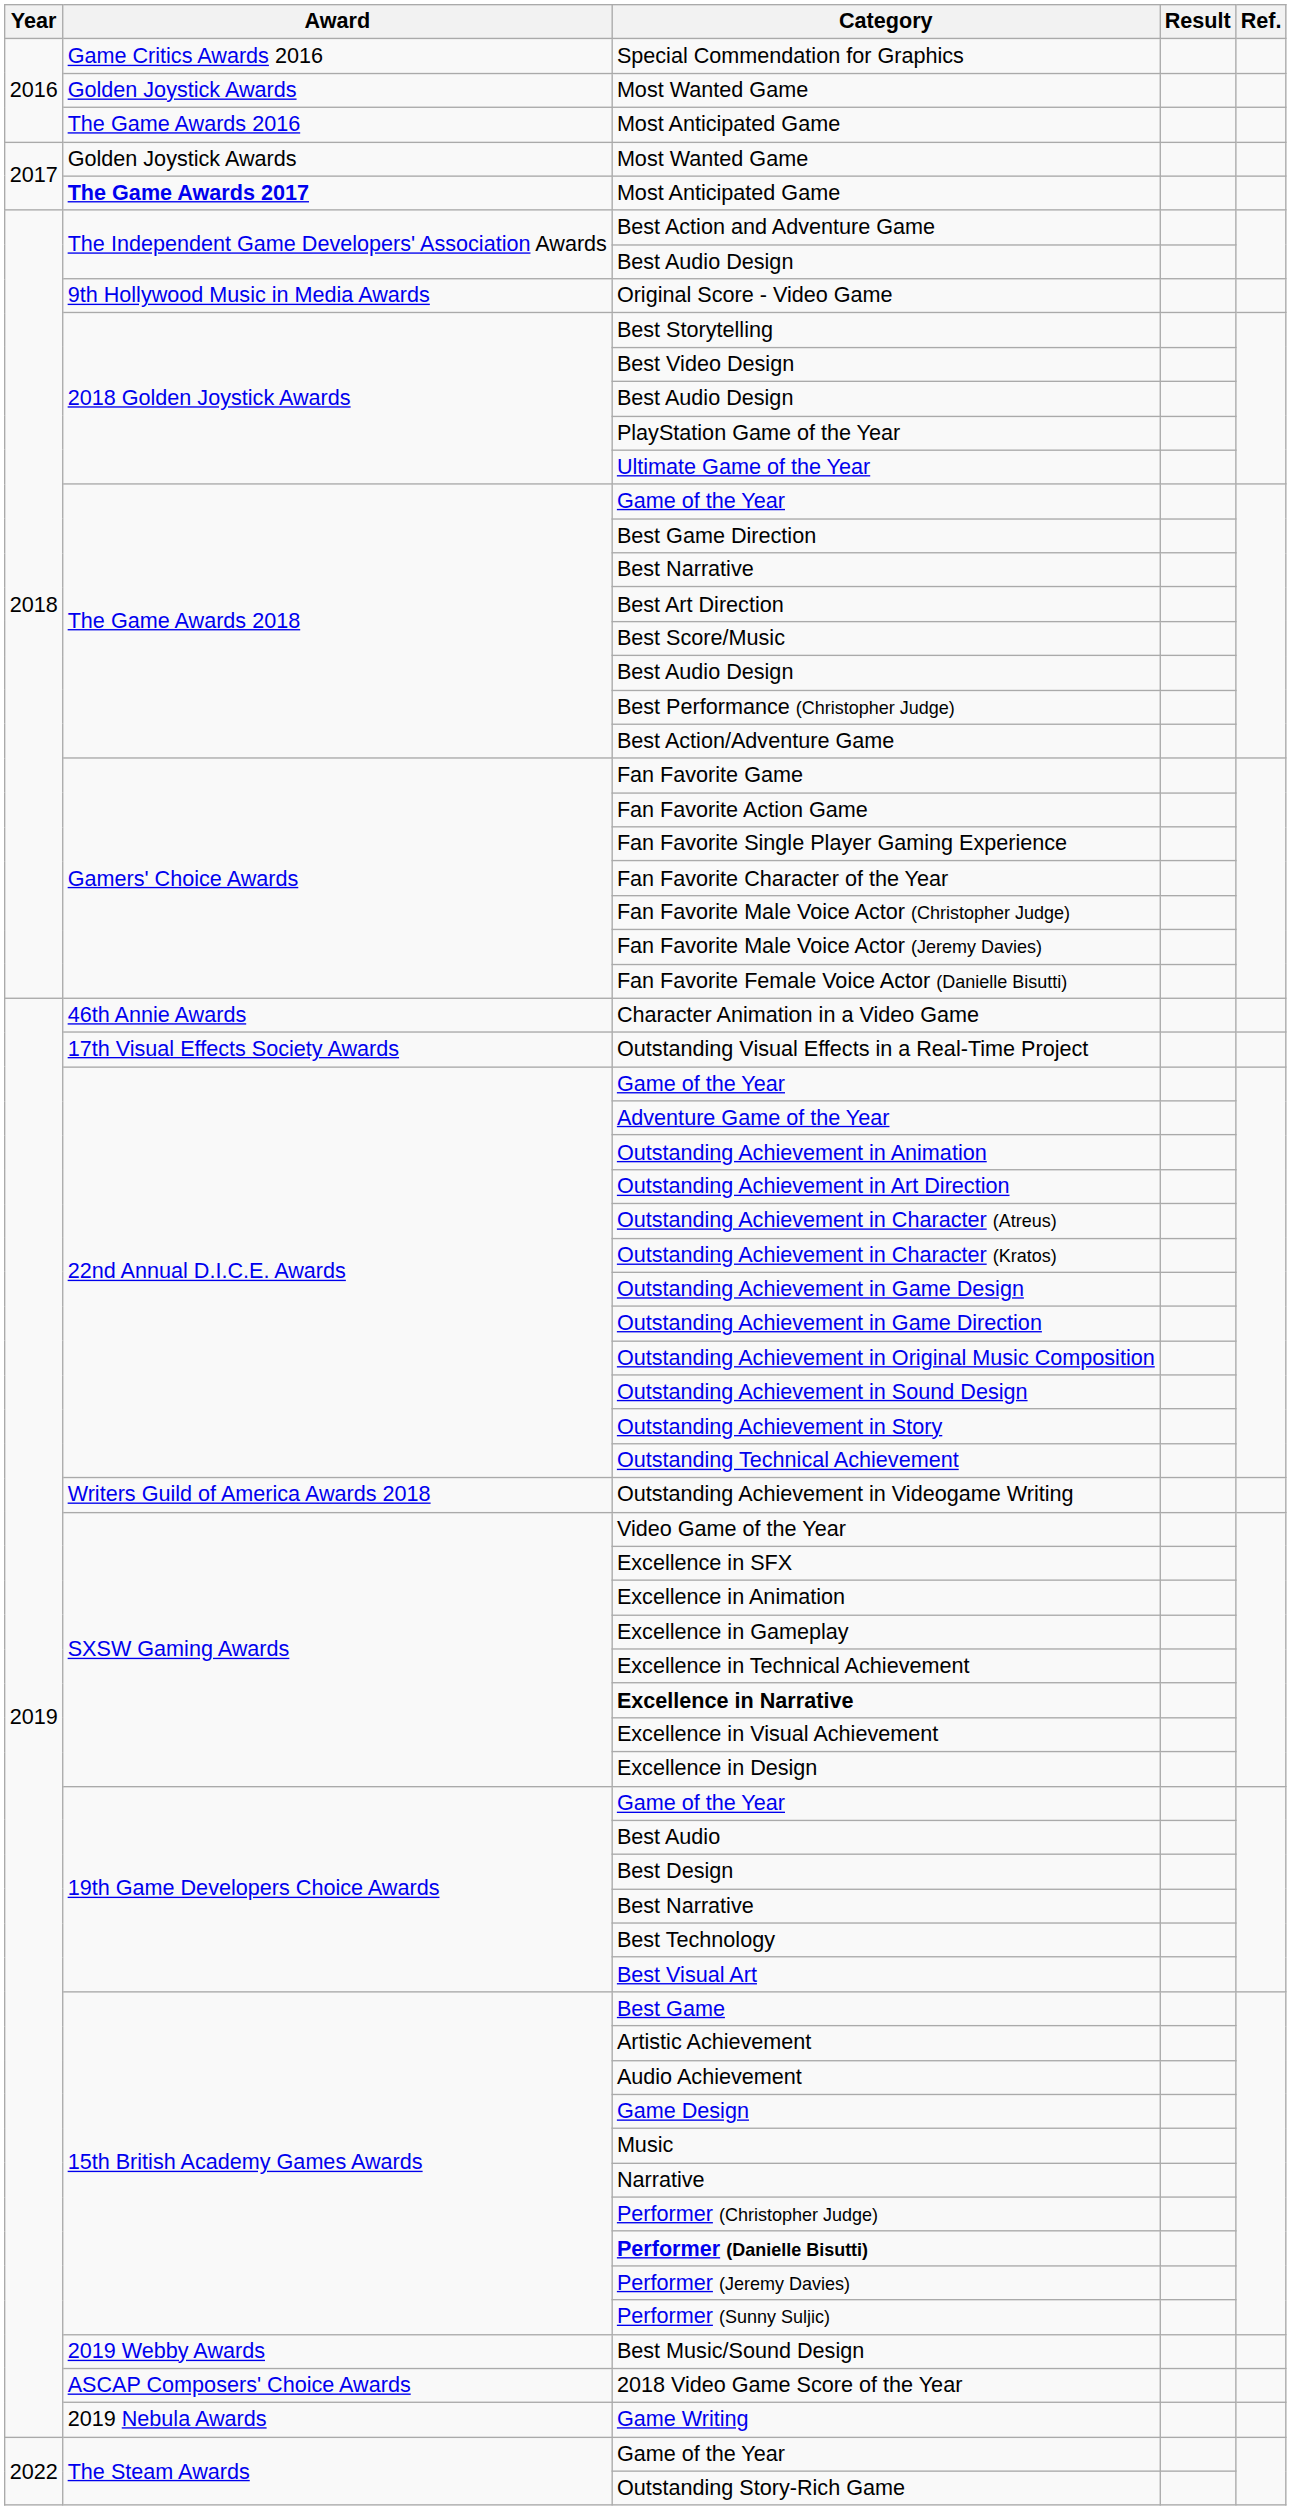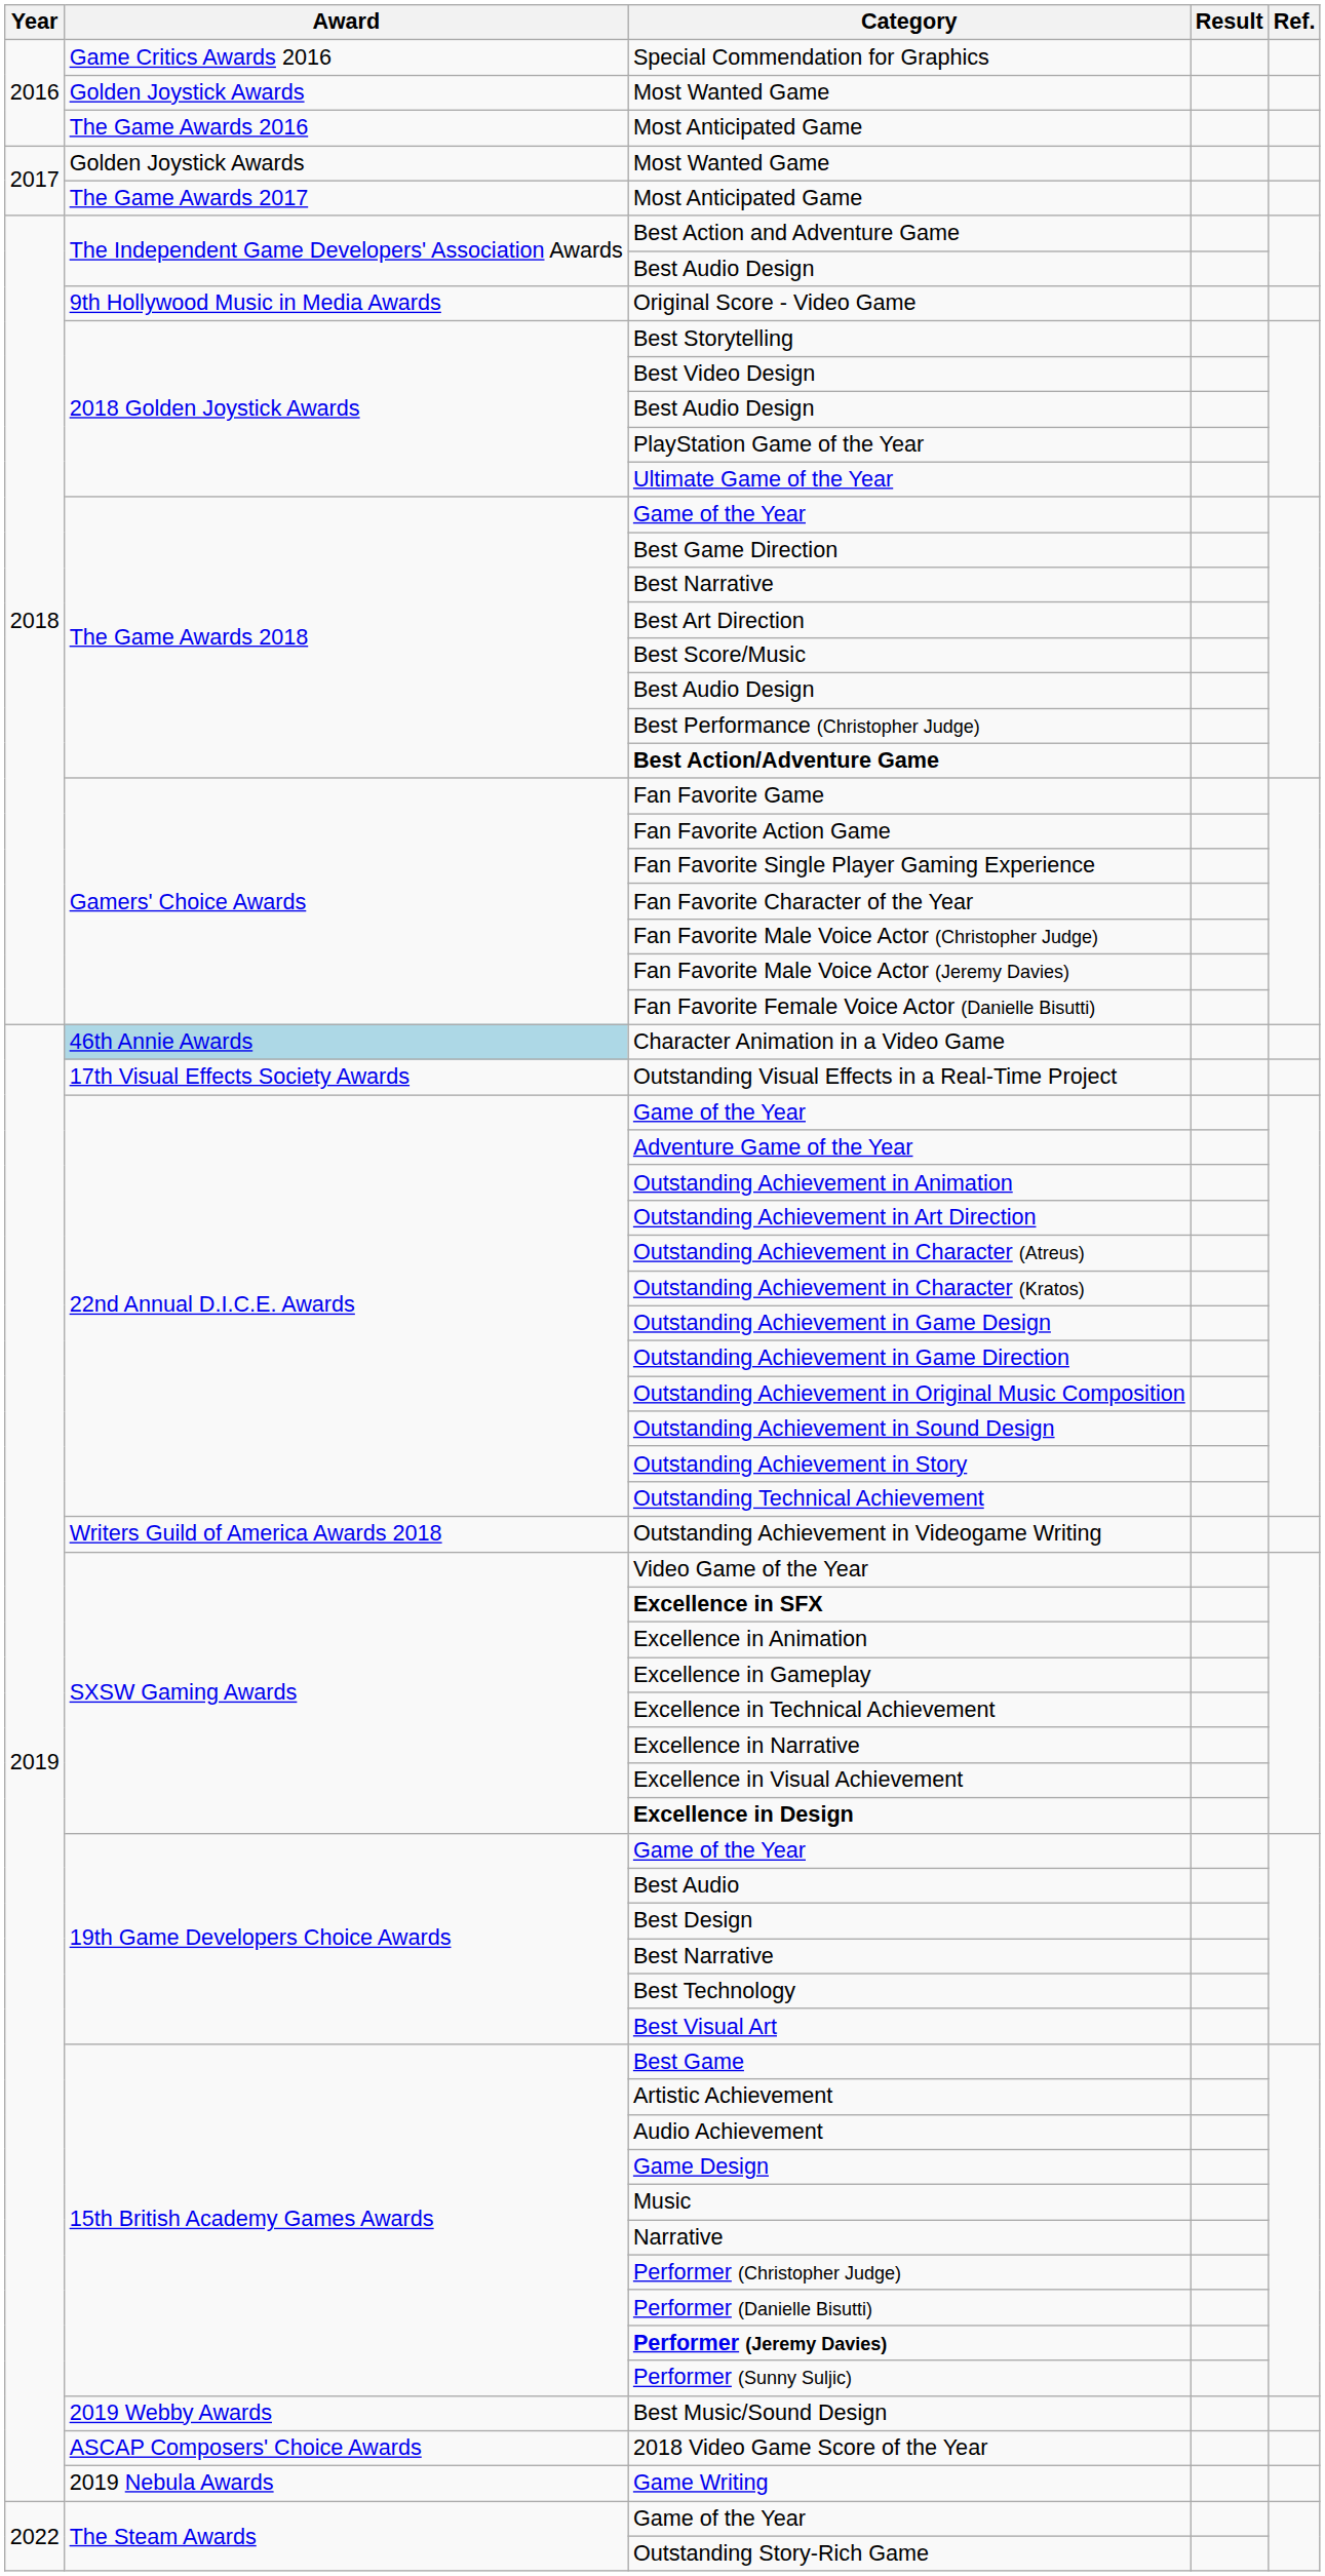 <table class="wikitable sortable mw-collapsible">
 <tr>
 <th scope="col">Year</th>
 <th scope="col">Award</th>
 <th scope="col">Category</th>
 <th scope="col">Result</th>
 <th scope="col" class="unsortable">Ref.</th>
 </tr>
 <tr>
 <td rowspan="3" style="text-align:center;">2016</td>
 <td><a href='#'>Game Critics Awards</a> 2016</td>
 <td>Special Commendation for Graphics</td>
 <td></td>
 <td style="text-align:center;"></td>
 </tr>
 <tr>
 <td><a href='#'>Golden Joystick Awards</a></td>
 <td>Most Wanted Game</td>
 <td></td>
 <td style="text-align:center;"></td>
 </tr>
 <tr>
 <td><a href='#'>The Game Awards 2016</a></td>
 <td>Most Anticipated Game</td>
 <td></td>
 <td style="text-align:center;"></td>
 </tr>
 <tr>
 <td rowspan="2" style="text-align:center;">2017</td>
 <td>Golden Joystick Awards</td>
 <td>Most Wanted Game</td>
 <td></td>
 <td style="text-align:center;"></td>
 </tr>
 <tr>
-<td><strong><a href='#'>The Game Awards 2017</a></strong></td>
+<td><a href='#'>The Game Awards 2017</a></td>
 <td>Most Anticipated Game</td>
 <td></td>
 <td style="text-align:center;"></td>
 </tr>
 <tr>
 <td rowspan="23" style="text-align:center;">2018</td>
 <td rowspan="2"><a href='#'>The Independent Game Developers' Association</a> Awards</td>
 <td>Best Action and Adventure Game</td>
 <td></td>
 <td rowspan="2" style="text-align:center;"></td>
 </tr>
 <tr>
 <td>Best Audio Design</td>
 <td></td>
 </tr>
 <tr>
 <td><a href='#'>9th Hollywood Music in Media Awards</a></td>
 <td>Original Score - Video Game</td>
 <td></td>
 <td style="text-align:center;"></td>
 </tr>
 <tr>
 <td rowspan="5"><a href='#'>2018 Golden Joystick Awards</a></td>
 <td>Best Storytelling</td>
 <td></td>
 <td rowspan="5" style="text-align:center;"></td>
 </tr>
 <tr>
 <td>Best Video Design</td>
 <td></td>
 </tr>
 <tr>
 <td>Best Audio Design</td>
 <td></td>
 </tr>
 <tr>
 <td>PlayStation Game of the Year</td>
 <td></td>
 </tr>
 <tr>
 <td><a href='#'>Ultimate Game of the Year</a></td>
 <td></td>
 </tr>
 <tr>
 <td rowspan="8"><a href='#'>The Game Awards 2018</a></td>
 <td><a href='#'>Game of the Year</a></td>
 <td></td>
 <td rowspan="8" style="text-align:center;"></td>
 </tr>
 <tr>
 <td>Best Game Direction</td>
 <td></td>
 </tr>
 <tr>
 <td>Best Narrative</td>
 <td></td>
 </tr>
 <tr>
 <td>Best Art Direction</td>
 <td></td>
 </tr>
 <tr>
 <td>Best Score/Music</td>
 <td></td>
 </tr>
 <tr>
 <td>Best Audio Design</td>
 <td></td>
 </tr>
 <tr>
 <td>Best Performance <small>(Christopher Judge)</small></td>
 <td></td>
 </tr>
 <tr>
-<td>Best Action/Adventure Game</td>
+<td><strong>Best Action/Adventure Game</strong></td>
 <td></td>
 </tr>
 <tr>
 <td rowspan="7"><a href='#'>Gamers' Choice Awards</a></td>
 <td>Fan Favorite Game</td>
 <td></td>
 <td rowspan="7" style="text-align:center;"></td>
 </tr>
 <tr>
 <td>Fan Favorite Action Game</td>
 <td></td>
 </tr>
 <tr>
 <td>Fan Favorite Single Player Gaming Experience</td>
 <td></td>
 </tr>
 <tr>
 <td>Fan Favorite Character of the Year</td>
 <td></td>
 </tr>
 <tr>
 <td>Fan Favorite Male Voice Actor <small>(Christopher Judge)</small></td>
 <td></td>
 </tr>
 <tr>
 <td>Fan Favorite Male Voice Actor <small>(Jeremy Davies)</small></td>
 <td></td>
 </tr>
 <tr>
 <td>Fan Favorite Female Voice Actor <small>(Danielle Bisutti)</small></td>
 <td></td>
 </tr>
 <tr>
 <td style="text-align:center;" rowspan="42">2019</td>
-<td><a href='#'>46th Annie Awards</a></td>
+<td style="background: lightblue;"><a href='#'>46th Annie Awards</a></td>
 <td>Character Animation in a Video Game</td>
 <td></td>
 <td style="text-align:center;"></td>
 </tr>
 <tr>
 <td><a href='#'>17th Visual Effects Society Awards</a></td>
 <td>Outstanding Visual Effects in a Real-Time Project</td>
 <td></td>
 <td style="text-align:center;"></td>
 </tr>
 <tr>
 <td rowspan="12"><a href='#'>22nd Annual D.I.C.E. Awards</a></td>
 <td><a href='#'>Game of the Year</a></td>
 <td></td>
 <td rowspan="12" style="text-align:center;"></td>
 </tr>
 <tr>
 <td><a href='#'>Adventure Game of the Year</a></td>
 <td></td>
 </tr>
 <tr>
 <td><a href='#'>Outstanding Achievement in Animation</a></td>
 <td></td>
 </tr>
 <tr>
 <td><a href='#'>Outstanding Achievement in Art Direction</a></td>
 <td></td>
 </tr>
 <tr>
 <td><a href='#'>Outstanding Achievement in Character</a> <small>(Atreus)</small></td>
 <td></td>
 </tr>
 <tr>
 <td><a href='#'>Outstanding Achievement in Character</a> <small>(Kratos)</small></td>
 <td></td>
 </tr>
 <tr>
 <td><a href='#'>Outstanding Achievement in Game Design</a></td>
 <td></td>
 </tr>
 <tr>
 <td><a href='#'>Outstanding Achievement in Game Direction</a></td>
 <td></td>
 </tr>
 <tr>
 <td><a href='#'>Outstanding Achievement in Original Music Composition</a></td>
 <td></td>
 </tr>
 <tr>
 <td><a href='#'>Outstanding Achievement in Sound Design</a></td>
 <td></td>
 </tr>
 <tr>
 <td><a href='#'>Outstanding Achievement in Story</a></td>
 <td></td>
 </tr>
 <tr>
 <td><a href='#'>Outstanding Technical Achievement</a></td>
 <td></td>
 </tr>
 <tr>
 <td><a href='#'>Writers Guild of America Awards 2018</a></td>
 <td>Outstanding Achievement in Videogame Writing</td>
 <td></td>
 <td style="text-align:center;"></td>
 </tr>
 <tr>
 <td rowspan="8"><a href='#'>SXSW Gaming Awards</a></td>
 <td>Video Game of the Year</td>
 <td></td>
 <td rowspan="8" style="text-align:center;"></td>
 </tr>
 <tr>
-<td>Excellence in SFX</td>
+<td><strong>Excellence in SFX</strong></td>
 <td></td>
 </tr>
 <tr>
 <td>Excellence in Animation</td>
 <td></td>
 </tr>
 <tr>
 <td>Excellence in Gameplay</td>
 <td></td>
 </tr>
 <tr>
 <td>Excellence in Technical Achievement</td>
 <td></td>
 </tr>
 <tr>
-<td><strong>Excellence in Narrative</strong></td>
+<td>Excellence in Narrative</td>
 <td></td>
 </tr>
 <tr>
 <td>Excellence in Visual Achievement</td>
 <td></td>
 </tr>
 <tr>
-<td>Excellence in Design</td>
+<td><strong>Excellence in Design</strong></td>
 <td></td>
 </tr>
 <tr>
 <td rowspan="6"><a href='#'>19th Game Developers Choice Awards</a></td>
 <td><a href='#'>Game of the Year</a></td>
 <td></td>
 <td rowspan="6" style="text-align:center;"></td>
 </tr>
 <tr>
 <td>Best Audio</td>
 <td></td>
 </tr>
 <tr>
 <td>Best Design</td>
 <td></td>
 </tr>
 <tr>
 <td>Best Narrative</td>
 <td></td>
 </tr>
 <tr>
 <td>Best Technology</td>
 <td></td>
 </tr>
 <tr>
 <td><a href='#'>Best Visual Art</a></td>
 <td></td>
 </tr>
 <tr>
 <td rowspan="10"><a href='#'>15th British Academy Games Awards</a></td>
 <td><a href='#'>Best Game</a></td>
 <td></td>
 <td rowspan="10" style="text-align:center;"></td>
 </tr>
 <tr>
 <td>Artistic Achievement</td>
 <td></td>
 </tr>
 <tr>
 <td>Audio Achievement</td>
 <td></td>
 </tr>
 <tr>
 <td><a href='#'>Game Design</a></td>
 <td></td>
 </tr>
 <tr>
 <td>Music</td>
 <td></td>
 </tr>
 <tr>
 <td>Narrative</td>
 <td></td>
 </tr>
 <tr>
 <td><a href='#'>Performer</a> <small>(Christopher Judge)</small></td>
 <td></td>
 </tr>
 <tr>
-<td><strong><a href='#'>Performer</a> <small>(Danielle Bisutti)</small></strong></td>
+<td><a href='#'>Performer</a> <small>(Danielle Bisutti)</small></td>
 <td></td>
 </tr>
 <tr>
-<td><a href='#'>Performer</a> <small>(Jeremy Davies)</small></td>
+<td><strong><a href='#'>Performer</a> <small>(Jeremy Davies)</small></strong></td>
 <td></td>
 </tr>
 <tr>
 <td><a href='#'>Performer</a> <small>(Sunny Suljic)</small></td>
 <td></td>
 </tr>
 <tr>
 <td><a href='#'>2019 Webby Awards</a></td>
 <td>Best Music/Sound Design</td>
 <td></td>
 <td style="text-align:center;"></td>
 </tr>
 <tr>
 <td><a href='#'>ASCAP Composers' Choice Awards</a></td>
 <td>2018 Video Game Score of the Year</td>
 <td></td>
 <td style="text-align:center;"></td>
 </tr>
 <tr>
 <td>2019 <a href='#'>Nebula Awards</a></td>
 <td><a href='#'>Game Writing</a></td>
 <td></td>
 <td style="text-align:center;"></td>
 </tr>
 <tr>
 <td style="text-align:center;" rowspan="2">2022</td>
 <td rowspan="2"><a href='#'>The Steam Awards</a></td>
 <td>Game of the Year</td>
 <td></td>
 <td style="text-align:center;" rowspan="2"></td>
 </tr>
 <tr>
 <td>Outstanding Story-Rich Game</td>
 <td></td>
 </tr>
 </table>
